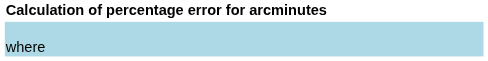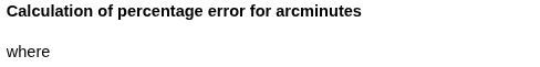 <table class="toccolours collapsible collapsed" width="60%" style="text-align:left">
 <tr>
 <th>Calculation of percentage error for arcminutes</th>
 </tr>
 <tr>
-<td style="background: lightblue;"><br>where</td>
+<td><br>where</td>
 </tr>
 </table>
